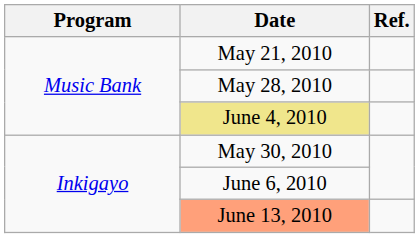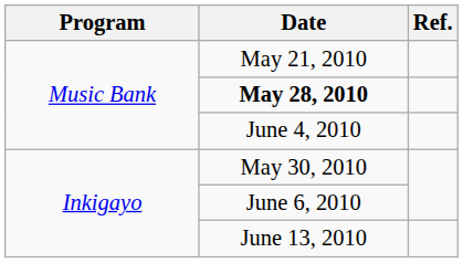 <table class="wikitable plainrowheaders" style="text-align:center;">
 <tr>
 <th width="130">Program</th>
 <th width="140">Date</th>
 <th>Ref.</th>
 </tr>
 <tr>
 <td rowspan="3"><em><a href='#'>Music Bank</a></em></td>
 <td>May 21, 2010</td>
 <td></td>
 </tr>
 <tr>
-<td>May 28, 2010</td>
+<td><strong>May 28, 2010</strong></td>
 <td></td>
 </tr>
 <tr>
-<td style="background: khaki;">June 4, 2010</td>
+<td>June 4, 2010</td>
 <td></td>
 </tr>
 <tr>
 <td rowspan="3"><em><a href='#'>Inkigayo</a></em></td>
 <td>May 30, 2010</td>
 <td rowspan="2"></td>
 </tr>
 <tr>
 <td>June 6, 2010</td>
 </tr>
 <tr>
-<td style="background: lightsalmon;">June 13, 2010</td>
+<td>June 13, 2010</td>
 <td></td>
 </tr>
 </table>
